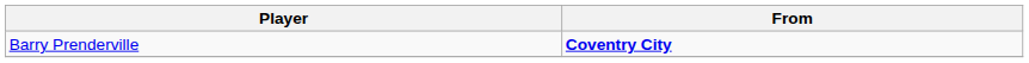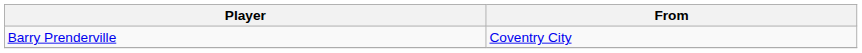 <table class="wikitable" style="text-align:center; font-size:95%;width:75%; text-align:left">
 <tr>
 <th>Player</th>
 <th>From</th>
 </tr>
 <tr --->
 <td> <a href='#'>Barry Prenderville</a></td>
-<td><strong><a href='#'>Coventry City</a></strong></td>
+<td><a href='#'>Coventry City</a></td>
 </tr>
 <tr>
 </tr>
 </table>
